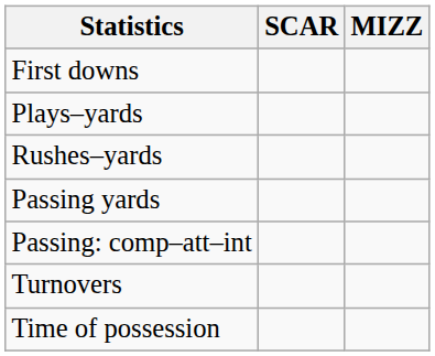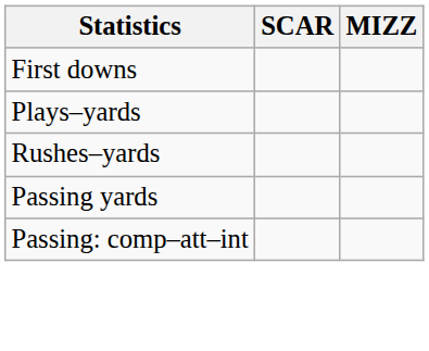 <table class="wikitable" style="float:left">
 <tr>
 <th>Statistics</th>
 <th>SCAR</th>
 <th>MIZZ</th>
 </tr>
 <tr>
 <td>First downs</td>
 <td></td>
 <td></td>
 </tr>
 <tr>
 <td>Plays–yards</td>
 <td></td>
 <td></td>
 </tr>
 <tr>
 <td>Rushes–yards</td>
 <td></td>
 <td></td>
 </tr>
 <tr>
 <td>Passing yards</td>
 <td></td>
 <td></td>
 </tr>
 <tr>
 <td>Passing: comp–att–int</td>
 <td></td>
 <td></td>
 </tr>
-<tr>
-<td>Turnovers</td>
-<td></td>
-<td></td>
-</tr>
-<tr>
-<td>Time of possession</td>
-<td></td>
-<td></td>
-</tr>
 </table>
